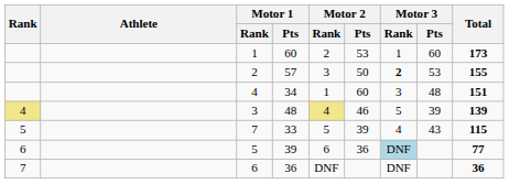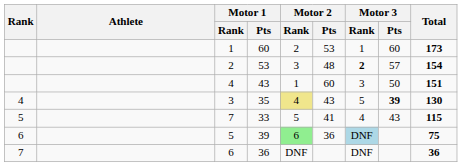 <table class=wikitable style="text-align:center">
 <tr>
 <th width=40 rowspan=2>Rank</th>
 <th width=250 rowspan=2>Athlete</th>
 <th colspan=2>Motor 1</th>
 <th colspan=2>Motor 2</th>
 <th colspan=2>Motor 3</th>
 <th width=60 rowspan=2>Total</th>
 </tr>
 <tr>
 <th width=40>Rank</th>
 <th width=40>Pts</th>
 <th width=40>Rank</th>
 <th width=40>Pts</th>
 <th width=40>Rank</th>
 <th width=40>Pts</th>
 </tr>
 <tr>
 <td></td>
 <td align=left></td>
 <td>1</td>
 <td>60</td>
 <td>2</td>
 <td>53</td>
 <td>1</td>
 <td>60</td>
 <td><strong>173</strong></td>
 </tr>
 <tr>
 <td></td>
 <td align=left></td>
 <td>2</td>
+<td>53</td>
+<td>3</td>
+<td>48</td>
+<td><strong>2</strong></td>
 <td>57</td>
-<td>3</td>
-<td>50</td>
-<td><strong>2</strong></td>
-<td>53</td>
-<td><strong>155</strong></td>
+<td><strong>154</strong></td>
 </tr>
 <tr>
 <td></td>
 <td align=left></td>
 <td>4</td>
-<td>34</td>
+<td>43</td>
 <td>1</td>
 <td>60</td>
 <td>3</td>
-<td>48</td>
+<td>50</td>
 <td><strong>151</strong></td>
 </tr>
 <tr>
-<td style="background: khaki;">4</td>
+<td>4</td>
 <td align=left></td>
 <td>3</td>
-<td>48</td>
+<td>35</td>
 <td style="background: khaki;">4</td>
-<td>46</td>
+<td>43</td>
 <td>5</td>
-<td>39</td>
-<td><strong>139</strong></td>
+<td><strong>39</strong></td>
+<td><strong>130</strong></td>
 </tr>
 <tr>
 <td>5</td>
 <td align=left></td>
 <td>7</td>
 <td>33</td>
 <td>5</td>
-<td>39</td>
+<td>41</td>
 <td>4</td>
 <td>43</td>
 <td><strong>115</strong></td>
 </tr>
 <tr>
 <td>6</td>
 <td align=left></td>
 <td>5</td>
 <td>39</td>
-<td>6</td>
+<td style="background: lightgreen;">6</td>
 <td>36</td>
 <td style="background: lightblue;">DNF</td>
 <td></td>
-<td><strong>77</strong></td>
+<td><strong>75</strong></td>
 </tr>
 <tr>
 <td>7</td>
 <td align=left></td>
 <td>6</td>
 <td>36</td>
 <td>DNF</td>
 <td></td>
 <td>DNF</td>
 <td></td>
 <td><strong>36</strong></td>
 </tr>
 </table>
